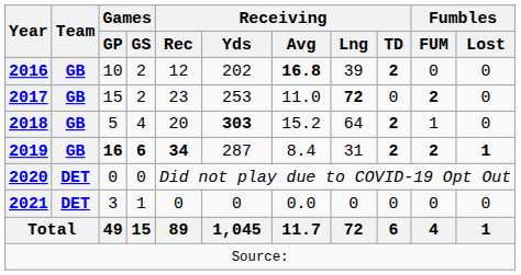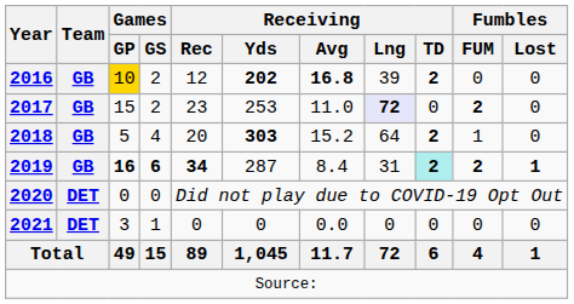 <table class="wikitable" style="text-align: center;">
 <tr>
 <th rowspan="2">Year</th>
 <th rowspan="2">Team</th>
 <th colspan="2">Games</th>
 <th colspan="5">Receiving</th>
 <th colspan="2">Fumbles</th>
 </tr>
 <tr>
 <th>GP</th>
 <th>GS</th>
 <th>Rec</th>
 <th>Yds</th>
 <th>Avg</th>
 <th>Lng</th>
 <th>TD</th>
 <th>FUM</th>
 <th>Lost</th>
 </tr>
 <tr>
 <th><a href='#'>2016</a></th>
 <th><a href='#'>GB</a></th>
-<td>10</td>
+<td style="background: gold;">10</td>
 <td>2</td>
 <td>12</td>
-<td>202</td>
+<td><strong>202</strong></td>
 <td><strong>16.8</strong></td>
 <td>39</td>
 <td><strong>2</strong></td>
 <td>0</td>
 <td>0</td>
 </tr>
 <tr>
 <th><a href='#'>2017</a></th>
 <th><a href='#'>GB</a></th>
 <td>15</td>
 <td>2</td>
 <td>23</td>
 <td>253</td>
 <td>11.0</td>
-<td><strong>72</strong></td>
+<td style="background: lavender;"><strong>72</strong></td>
 <td>0</td>
 <td><strong>2</strong></td>
 <td>0</td>
 </tr>
 <tr>
 <th><a href='#'>2018</a></th>
 <th><a href='#'>GB</a></th>
 <td>5</td>
 <td>4</td>
 <td>20</td>
 <td><strong>303</strong></td>
 <td>15.2</td>
 <td>64</td>
 <td><strong>2</strong></td>
 <td>1</td>
 <td>0</td>
 </tr>
 <tr>
 <th><a href='#'>2019</a></th>
 <th><a href='#'>GB</a></th>
 <td><strong>16</strong></td>
 <td><strong>6</strong></td>
 <td><strong>34</strong></td>
 <td>287</td>
 <td>8.4</td>
 <td>31</td>
-<td><strong>2</strong></td>
+<td style="background: paleturquoise;"><strong>2</strong></td>
 <td><strong>2</strong></td>
 <td><strong>1</strong></td>
 </tr>
 <tr>
 <th><a href='#'>2020</a></th>
 <th><a href='#'>DET</a></th>
 <td>0</td>
 <td>0</td>
 <td colspan="9"><em>Did not play due to COVID-19 Opt Out</em></td>
 </tr>
 <tr>
 <th><a href='#'>2021</a></th>
 <th><a href='#'>DET</a></th>
 <td>3</td>
 <td>1</td>
 <td>0</td>
 <td>0</td>
 <td>0.0</td>
 <td>0</td>
 <td>0</td>
 <td>0</td>
 <td>0</td>
 </tr>
 <tr>
 <th colspan="2">Total</th>
 <th>49</th>
 <th>15</th>
 <th>89</th>
 <th>1,045</th>
 <th>11.7</th>
 <th>72</th>
 <th>6</th>
 <th>4</th>
 <th>1</th>
 </tr>
 <tr>
 <td colspan="11"><small>Source: </small></td>
 </tr>
 </table>
